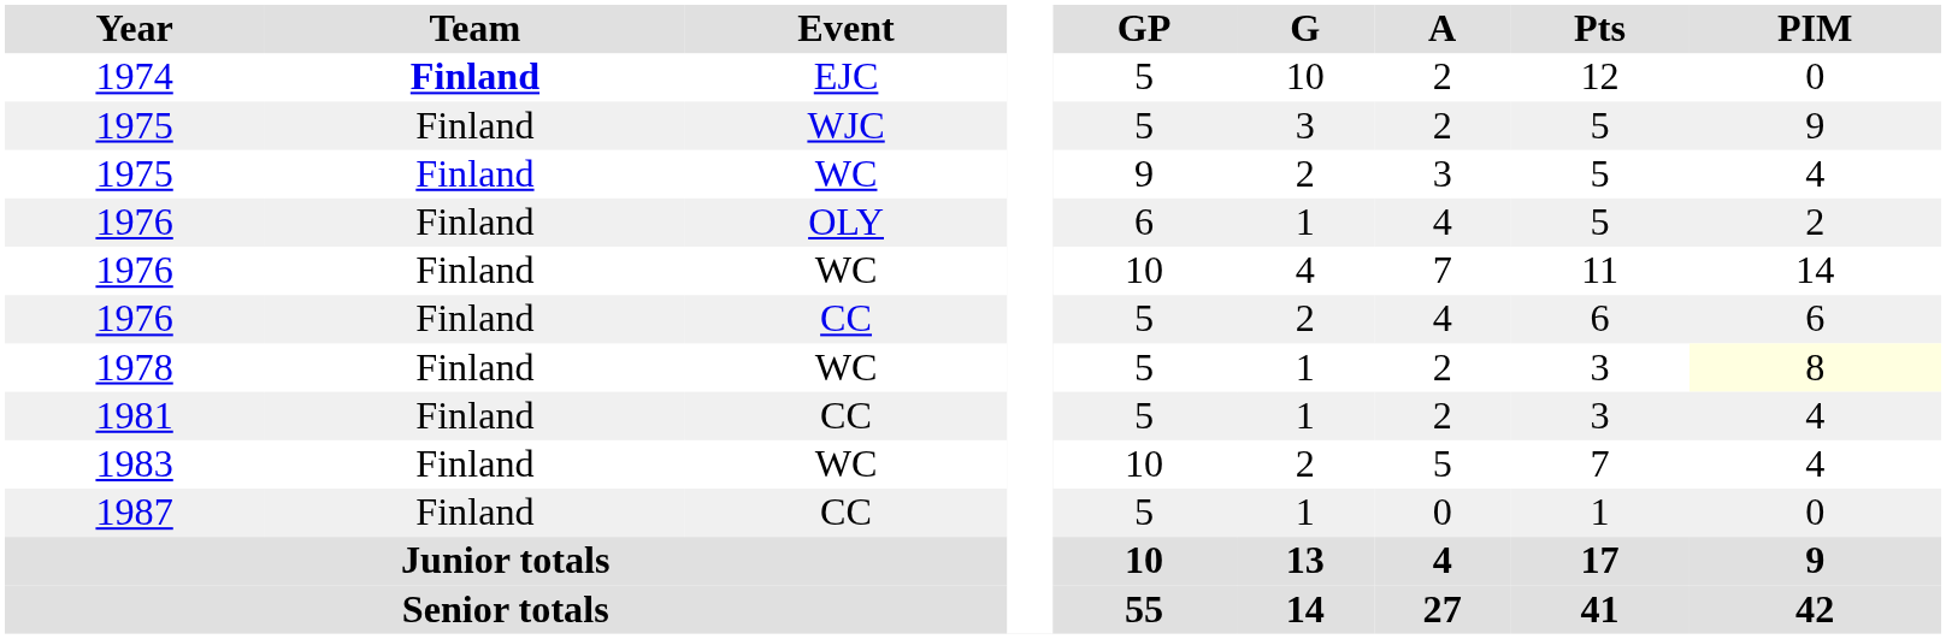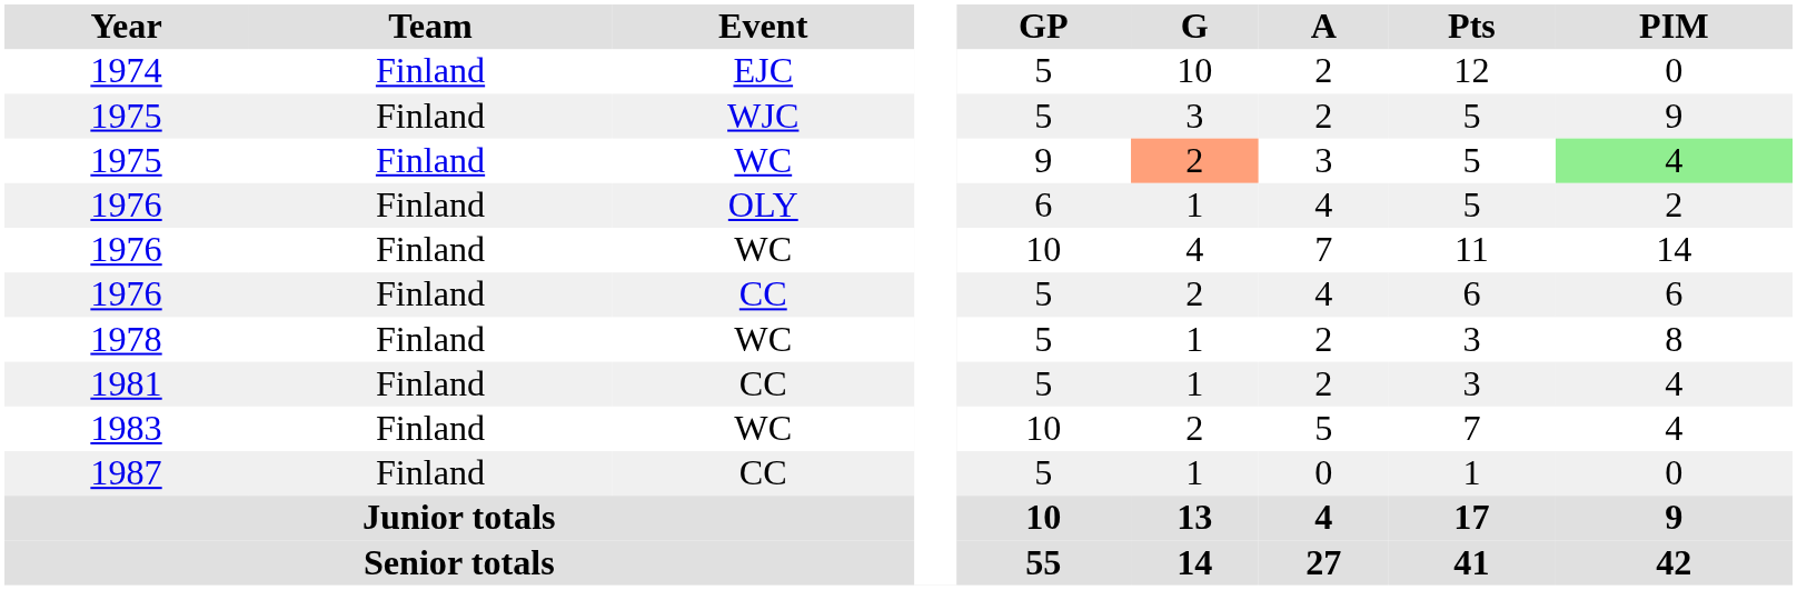 <table border="0" cellpadding="1" cellspacing="0" style="text-align:center; width:50em">
 <tr ALIGN="center" bgcolor="#e0e0e0">
 <th>Year</th>
 <th>Team</th>
 <th>Event</th>
 <th rowspan="99" bgcolor="#ffffff"> </th>
 <th>GP</th>
 <th>G</th>
 <th>A</th>
 <th>Pts</th>
 <th>PIM</th>
 </tr>
 <tr>
 <td><a href='#'>1974</a></td>
-<td><strong><a href='#'>Finland</a></strong></td>
+<td><a href='#'>Finland</a></td>
 <td><a href='#'>EJC</a></td>
 <td>5</td>
 <td>10</td>
 <td>2</td>
 <td>12</td>
 <td>0</td>
 </tr>
 <tr bgcolor="#f0f0f0">
 <td><a href='#'>1975</a></td>
 <td>Finland</td>
 <td><a href='#'>WJC</a></td>
 <td>5</td>
 <td>3</td>
 <td>2</td>
 <td>5</td>
 <td>9</td>
 </tr>
 <tr>
 <td><a href='#'>1975</a></td>
 <td><a href='#'>Finland</a></td>
 <td><a href='#'>WC</a></td>
 <td>9</td>
-<td>2</td>
+<td style="background: lightsalmon;">2</td>
 <td>3</td>
 <td>5</td>
-<td>4</td>
+<td style="background: lightgreen;">4</td>
 </tr>
 <tr bgcolor="#f0f0f0">
 <td><a href='#'>1976</a></td>
 <td>Finland</td>
 <td><a href='#'>OLY</a></td>
 <td>6</td>
 <td>1</td>
 <td>4</td>
 <td>5</td>
 <td>2</td>
 </tr>
 <tr>
 <td><a href='#'>1976</a></td>
 <td>Finland</td>
 <td>WC</td>
 <td>10</td>
 <td>4</td>
 <td>7</td>
 <td>11</td>
 <td>14</td>
 </tr>
 <tr bgcolor="#f0f0f0">
 <td><a href='#'>1976</a></td>
 <td>Finland</td>
 <td><a href='#'>CC</a></td>
 <td>5</td>
 <td>2</td>
 <td>4</td>
 <td>6</td>
 <td>6</td>
 </tr>
 <tr>
 <td><a href='#'>1978</a></td>
 <td>Finland</td>
 <td>WC</td>
 <td>5</td>
 <td>1</td>
 <td>2</td>
 <td>3</td>
-<td style="background: lightyellow;">8</td>
+<td>8</td>
 </tr>
 <tr bgcolor="#f0f0f0">
 <td><a href='#'>1981</a></td>
 <td>Finland</td>
 <td>CC</td>
 <td>5</td>
 <td>1</td>
 <td>2</td>
 <td>3</td>
 <td>4</td>
 </tr>
 <tr>
 <td><a href='#'>1983</a></td>
 <td>Finland</td>
 <td>WC</td>
 <td>10</td>
 <td>2</td>
 <td>5</td>
 <td>7</td>
 <td>4</td>
 </tr>
 <tr bgcolor="#f0f0f0">
 <td><a href='#'>1987</a></td>
 <td>Finland</td>
 <td>CC</td>
 <td>5</td>
 <td>1</td>
 <td>0</td>
 <td>1</td>
 <td>0</td>
 </tr>
 <tr bgcolor="#e0e0e0">
 <th colspan=3>Junior totals</th>
 <th>10</th>
 <th>13</th>
 <th>4</th>
 <th>17</th>
 <th>9</th>
 </tr>
 <tr bgcolor="#e0e0e0">
 <th colspan=3>Senior totals</th>
 <th>55</th>
 <th>14</th>
 <th>27</th>
 <th>41</th>
 <th>42</th>
 </tr>
 </table>
